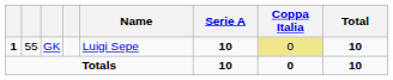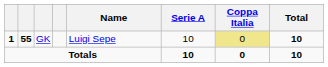 <table class="wikitable" style="text-align:center">
 <tr>
 <th width=15></th>
 <th width=15></th>
 <th width=15></th>
 <th width=15></th>
 <th width=145>Name</th>
 <th width=80><strong><a href='#'>Serie A</a></strong></th>
 <th width=80><strong><a href='#'>Coppa Italia</a></strong></th>
 <th width=80>Total</th>
 </tr>
 <tr>
 <td><strong>1</strong></td>
-<td>55</td>
+<td><strong>55</strong></td>
 <td><a href='#'>GK</a></td>
 <td></td>
 <td align=left><a href='#'>Luigi Sepe</a></td>
-<td><strong>10</strong></td>
+<td>10</td>
 <td style="background: khaki;">0</td>
 <td><strong>10</strong></td>
 </tr>
 <tr>
 <td colspan=5><strong>Totals</strong></td>
 <td><strong>10</strong></td>
 <td><strong>0</strong></td>
 <td><strong>10</strong></td>
 </tr>
 </table>
